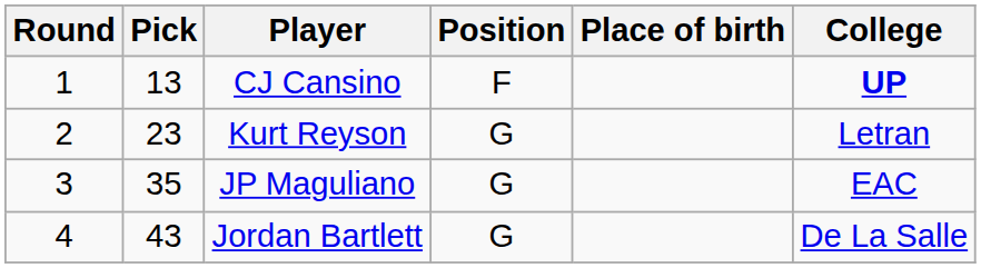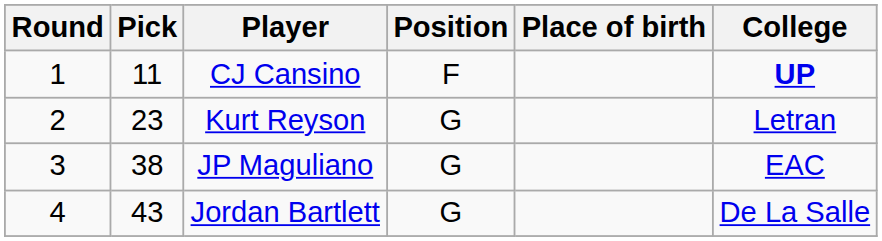 <table class="wikitable sortable sortable" style="text-align:center">
 <tr>
 <th>Round</th>
 <th>Pick</th>
 <th>Player</th>
 <th>Position</th>
 <th>Place of birth</th>
 <th>College</th>
 </tr>
 <tr>
 <td>1</td>
-<td>13</td>
+<td>11</td>
 <td><a href='#'>CJ Cansino</a></td>
 <td>F</td>
 <td></td>
 <td><strong><a href='#'>UP</a></strong></td>
 </tr>
 <tr>
 <td>2</td>
 <td>23</td>
 <td><a href='#'>Kurt Reyson</a></td>
 <td>G</td>
 <td></td>
 <td><a href='#'>Letran</a></td>
 </tr>
 <tr>
 <td>3</td>
-<td>35</td>
+<td>38</td>
 <td><a href='#'>JP Maguliano</a></td>
 <td>G</td>
 <td></td>
 <td><a href='#'>EAC</a></td>
 </tr>
 <tr>
 <td>4</td>
 <td>43</td>
 <td><a href='#'>Jordan Bartlett</a></td>
 <td>G</td>
 <td></td>
 <td><a href='#'>De La Salle</a></td>
 </tr>
 </table>
